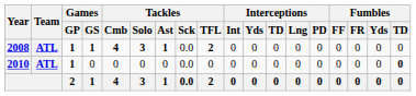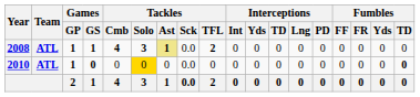 <table class="wikitable" style="text-align:center">
 <tr>
 <th rowspan="2">Year</th>
 <th rowspan="2">Team</th>
 <th colspan="2">Games</th>
 <th colspan="5">Tackles</th>
 <th colspan="5">Interceptions</th>
 <th colspan="4">Fumbles</th>
 </tr>
 <tr>
 <th>GP</th>
 <th>GS</th>
 <th>Cmb</th>
 <th>Solo</th>
 <th>Ast</th>
 <th>Sck</th>
 <th>TFL</th>
 <th>Int</th>
 <th>Yds</th>
 <th>TD</th>
 <th>Lng</th>
 <th>PD</th>
 <th>FF</th>
 <th>FR</th>
 <th>Yds</th>
 <th>TD</th>
 </tr>
 <tr>
 <th><a href='#'>2008</a></th>
 <th><a href='#'>ATL</a></th>
 <td><strong>1</strong></td>
 <td><strong>1</strong></td>
 <td><strong>4</strong></td>
 <td><strong>3</strong></td>
-<td><strong>1</strong></td>
+<td style="background: khaki;"><strong>1</strong></td>
 <td>0.0</td>
 <td><strong>2</strong></td>
 <td>0</td>
 <td>0</td>
 <td>0</td>
 <td>0</td>
 <td>0</td>
 <td>0</td>
 <td>0</td>
 <td>0</td>
 <td>0</td>
 </tr>
 <tr>
 <th><a href='#'>2010</a></th>
 <th><a href='#'>ATL</a></th>
 <td><strong>1</strong></td>
+<td><strong>0</strong></td>
 <td>0</td>
-<td>0</td>
-<td>0</td>
+<td style="background: gold;">0</td>
 <td>0</td>
 <td>0.0</td>
 <td>0</td>
 <td>0</td>
 <td>0</td>
 <td>0</td>
 <td>0</td>
 <td>0</td>
 <td>0</td>
 <td>0</td>
 <td>0</td>
 <td><strong>0</strong></td>
 </tr>
 <tr>
 <th colspan="2"></th>
 <th>2</th>
 <th>1</th>
 <th>4</th>
 <th>3</th>
 <th>1</th>
 <th>0.0</th>
 <th>2</th>
 <th>0</th>
 <th>0</th>
 <th>0</th>
 <th>0</th>
 <th>0</th>
 <th>0</th>
 <th>0</th>
 <th>0</th>
 <th>0</th>
 </tr>
 </table>
